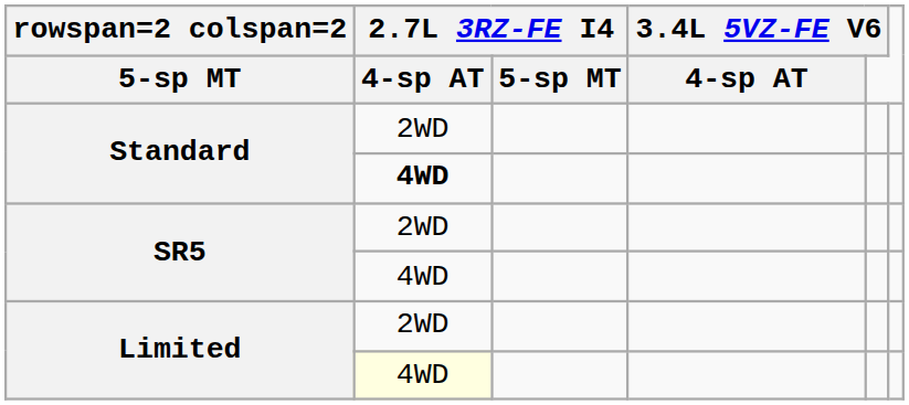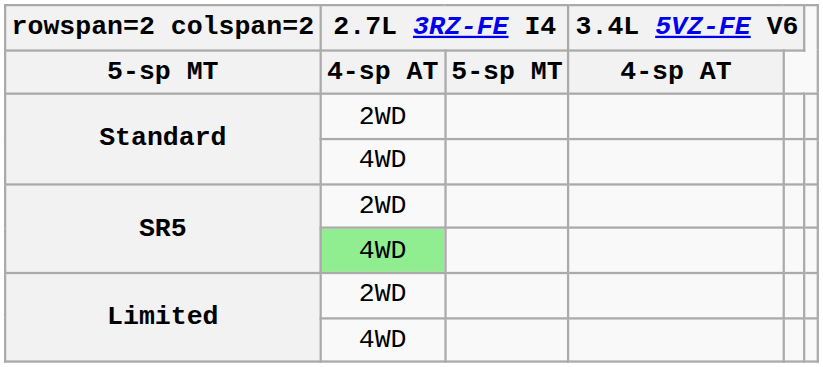 <table class="wikitable" style="font-size:90%;text-align:center;">
 <tr>
 <th>rowspan=2 colspan=2 </th>
 <th colspan=2>2.7L <a href='#'><em>3RZ-FE</em></a> I4</th>
 <th colspan=2>3.4L <a href='#'><em>5VZ-FE</em></a> V6</th>
 </tr>
 <tr>
 <th>5-sp MT</th>
 <th>4-sp AT</th>
 <th>5-sp MT</th>
 <th>4-sp AT</th>
 </tr>
 <tr>
 <th rowspan=2>Standard</th>
 <td>2WD</td>
 <td></td>
 <td></td>
 <td></td>
 <td></td>
 </tr>
 <tr>
-<td><strong>4WD</strong></td>
+<td>4WD</td>
 <td></td>
 <td></td>
 <td></td>
 <td></td>
 </tr>
 <tr>
 <th rowspan=2>SR5</th>
 <td>2WD</td>
 <td></td>
 <td></td>
 <td></td>
 <td></td>
 </tr>
 <tr>
-<td>4WD</td>
+<td style="background: lightgreen;">4WD</td>
 <td></td>
 <td></td>
 <td></td>
 <td></td>
 </tr>
 <tr>
 <th rowspan=2>Limited</th>
 <td>2WD</td>
 <td></td>
 <td></td>
 <td></td>
 <td></td>
 </tr>
 <tr>
-<td style="background: lightyellow;">4WD</td>
+<td>4WD</td>
 <td></td>
 <td></td>
 <td></td>
 <td></td>
 </tr>
 </table>
